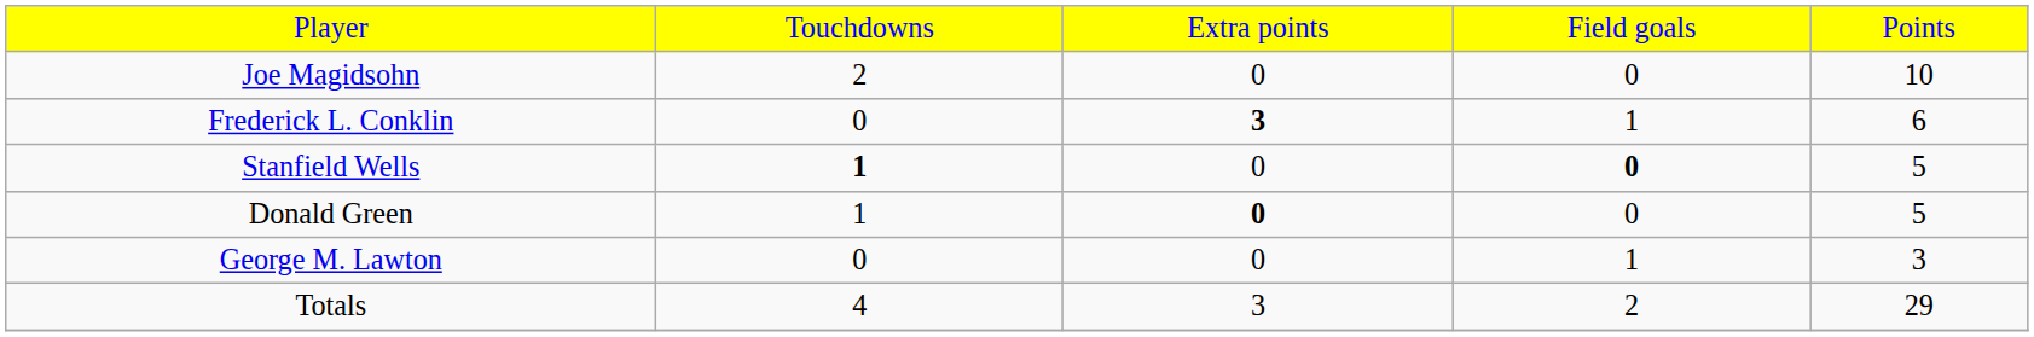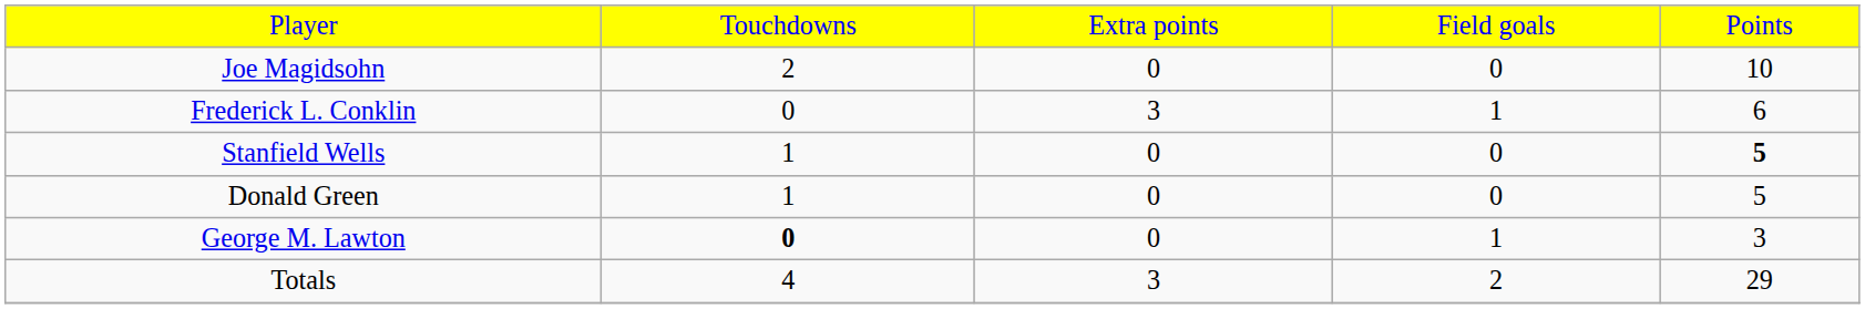 <table class="wikitable" width="70%">
 <tr align="center"  style="background:yellow;color:blue;">
 <td>Player</td>
 <td>Touchdowns</td>
 <td>Extra points</td>
 <td>Field goals</td>
 <td>Points</td>
 </tr>
 <tr align="center" bgcolor="">
 <td><a href='#'>Joe Magidsohn</a></td>
 <td>2</td>
 <td>0</td>
 <td>0</td>
 <td>10</td>
 </tr>
 <tr align="center" bgcolor="">
 <td><a href='#'>Frederick L. Conklin</a></td>
 <td>0</td>
-<td><strong>3</strong></td>
+<td>3</td>
 <td>1</td>
 <td>6</td>
 </tr>
 <tr align="center" bgcolor="">
 <td><a href='#'>Stanfield Wells</a></td>
-<td><strong>1</strong></td>
+<td>1</td>
 <td>0</td>
-<td><strong>0</strong></td>
-<td>5</td>
+<td>0</td>
+<td><strong>5</strong></td>
 </tr>
 <tr align="center" bgcolor="">
 <td>Donald Green</td>
 <td>1</td>
-<td><strong>0</strong></td>
+<td>0</td>
 <td>0</td>
 <td>5</td>
 </tr>
 <tr align="center" bgcolor="">
 <td><a href='#'>George M. Lawton</a></td>
-<td>0</td>
+<td><strong>0</strong></td>
 <td>0</td>
 <td>1</td>
 <td>3</td>
 </tr>
 <tr align="center" bgcolor="">
 <td>Totals</td>
 <td>4</td>
 <td>3</td>
 <td>2</td>
 <td>29</td>
 </tr>
 <tr align="center" bgcolor="">
 </tr>
 </table>
